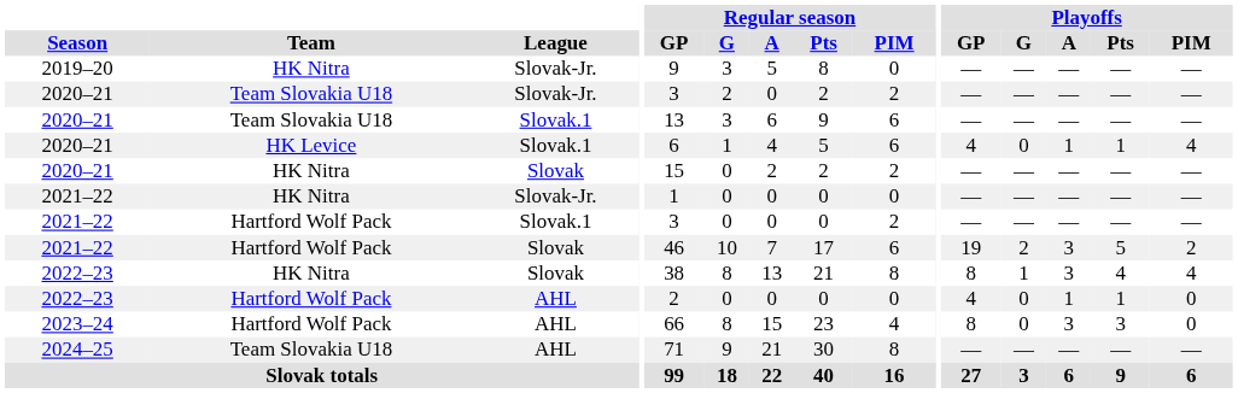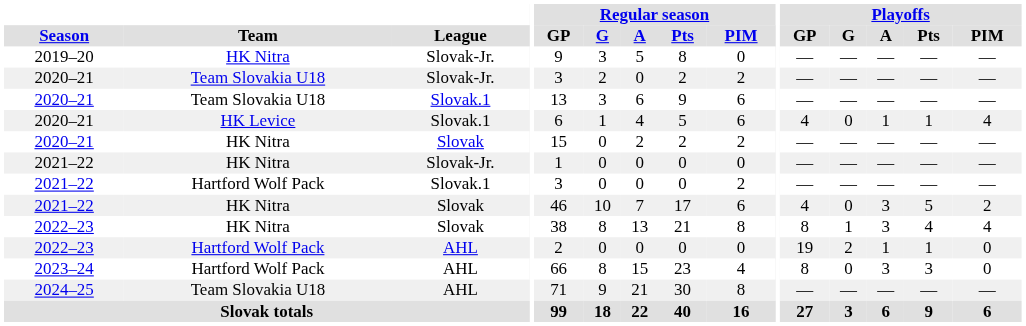 <table border="0" cellpadding="1" cellspacing="0" style="text-align:center; width:60em;">
 <tr bgcolor="#e0e0e0">
 <th colspan="3" bgcolor="#ffffff"></th>
 <th rowspan="99" bgcolor="#ffffff"></th>
 <th colspan="5"><a href='#'>Regular season</a></th>
 <th rowspan="99" bgcolor="#ffffff"></th>
 <th colspan="5"><a href='#'>Playoffs</a></th>
 </tr>
 <tr bgcolor="#e0e0e0">
 <th><a href='#'>Season</a></th>
 <th>Team</th>
 <th>League</th>
 <th>GP</th>
 <th><a href='#'>G</a></th>
 <th><a href='#'>A</a></th>
 <th><a href='#'>Pts</a></th>
 <th><a href='#'>PIM</a></th>
 <th>GP</th>
 <th>G</th>
 <th>A</th>
 <th>Pts</th>
 <th>PIM</th>
 </tr>
 <tr>
 <td>2019–20</td>
 <td><a href='#'>HK Nitra</a></td>
 <td>Slovak-Jr.</td>
 <td>9</td>
 <td>3</td>
 <td>5</td>
 <td>8</td>
 <td>0</td>
 <td>—</td>
 <td>—</td>
 <td>—</td>
 <td>—</td>
 <td>—</td>
 </tr>
 <tr bgcolor="#f0f0f0">
 <td>2020–21</td>
 <td><a href='#'>Team Slovakia U18</a></td>
 <td>Slovak-Jr.</td>
 <td>3</td>
 <td>2</td>
 <td>0</td>
 <td>2</td>
 <td>2</td>
 <td>—</td>
 <td>—</td>
 <td>—</td>
 <td>—</td>
 <td>—</td>
 </tr>
 <tr>
 <td><a href='#'>2020–21</a></td>
 <td>Team Slovakia U18</td>
 <td><a href='#'>Slovak.1</a></td>
 <td>13</td>
 <td>3</td>
 <td>6</td>
 <td>9</td>
 <td>6</td>
 <td>—</td>
 <td>—</td>
 <td>—</td>
 <td>—</td>
 <td>—</td>
 </tr>
 <tr bgcolor="#f0f0f0">
 <td>2020–21</td>
 <td><a href='#'>HK Levice</a></td>
 <td>Slovak.1</td>
 <td>6</td>
 <td>1</td>
 <td>4</td>
 <td>5</td>
 <td>6</td>
 <td>4</td>
 <td>0</td>
 <td>1</td>
 <td>1</td>
 <td>4</td>
 </tr>
 <tr>
 <td><a href='#'>2020–21</a></td>
 <td>HK Nitra</td>
 <td><a href='#'>Slovak</a></td>
 <td>15</td>
 <td>0</td>
 <td>2</td>
 <td>2</td>
 <td>2</td>
 <td>—</td>
 <td>—</td>
 <td>—</td>
 <td>—</td>
 <td>—</td>
 </tr>
 <tr bgcolor="#f0f0f0">
 <td>2021–22</td>
 <td>HK Nitra</td>
 <td>Slovak-Jr.</td>
 <td>1</td>
 <td>0</td>
 <td>0</td>
 <td>0</td>
 <td>0</td>
 <td>—</td>
 <td>—</td>
 <td>—</td>
 <td>—</td>
 <td>—</td>
 </tr>
 <tr>
 <td><a href='#'>2021–22</a></td>
 <td>Hartford Wolf Pack</td>
 <td>Slovak.1</td>
 <td>3</td>
 <td>0</td>
 <td>0</td>
 <td>0</td>
 <td>2</td>
 <td>—</td>
 <td>—</td>
 <td>—</td>
 <td>—</td>
 <td>—</td>
 </tr>
 <tr bgcolor="#f0f0f0">
 <td><a href='#'>2021–22</a></td>
-<td>Hartford Wolf Pack</td>
+<td>HK Nitra</td>
 <td>Slovak</td>
 <td>46</td>
 <td>10</td>
 <td>7</td>
 <td>17</td>
 <td>6</td>
-<td>19</td>
-<td>2</td>
+<td>4</td>
+<td>0</td>
 <td>3</td>
 <td>5</td>
 <td>2</td>
 </tr>
 <tr>
 <td><a href='#'>2022–23</a></td>
 <td>HK Nitra</td>
 <td>Slovak</td>
 <td>38</td>
 <td>8</td>
 <td>13</td>
 <td>21</td>
 <td>8</td>
 <td>8</td>
 <td>1</td>
 <td>3</td>
 <td>4</td>
 <td>4</td>
 </tr>
 <tr bgcolor="#f0f0f0">
 <td><a href='#'>2022–23</a></td>
 <td><a href='#'>Hartford Wolf Pack</a></td>
 <td><a href='#'>AHL</a></td>
 <td>2</td>
 <td>0</td>
 <td>0</td>
 <td>0</td>
 <td>0</td>
-<td>4</td>
-<td>0</td>
+<td>19</td>
+<td>2</td>
 <td>1</td>
 <td>1</td>
 <td>0</td>
 </tr>
 <tr>
 <td><a href='#'>2023–24</a></td>
 <td>Hartford Wolf Pack</td>
 <td>AHL</td>
 <td>66</td>
 <td>8</td>
 <td>15</td>
 <td>23</td>
 <td>4</td>
 <td>8</td>
 <td>0</td>
 <td>3</td>
 <td>3</td>
 <td>0</td>
 </tr>
 <tr bgcolor="#f0f0f0">
 <td><a href='#'>2024–25</a></td>
 <td>Team Slovakia U18</td>
 <td>AHL</td>
 <td>71</td>
 <td>9</td>
 <td>21</td>
 <td>30</td>
 <td>8</td>
 <td>—</td>
 <td>—</td>
 <td>—</td>
 <td>—</td>
 <td>—</td>
 </tr>
 <tr bgcolor="#e0e0e0">
 <th colspan="3">Slovak totals</th>
 <th>99</th>
 <th>18</th>
 <th>22</th>
 <th>40</th>
 <th>16</th>
 <th>27</th>
 <th>3</th>
 <th>6</th>
 <th>9</th>
 <th>6</th>
 </tr>
 </table>
